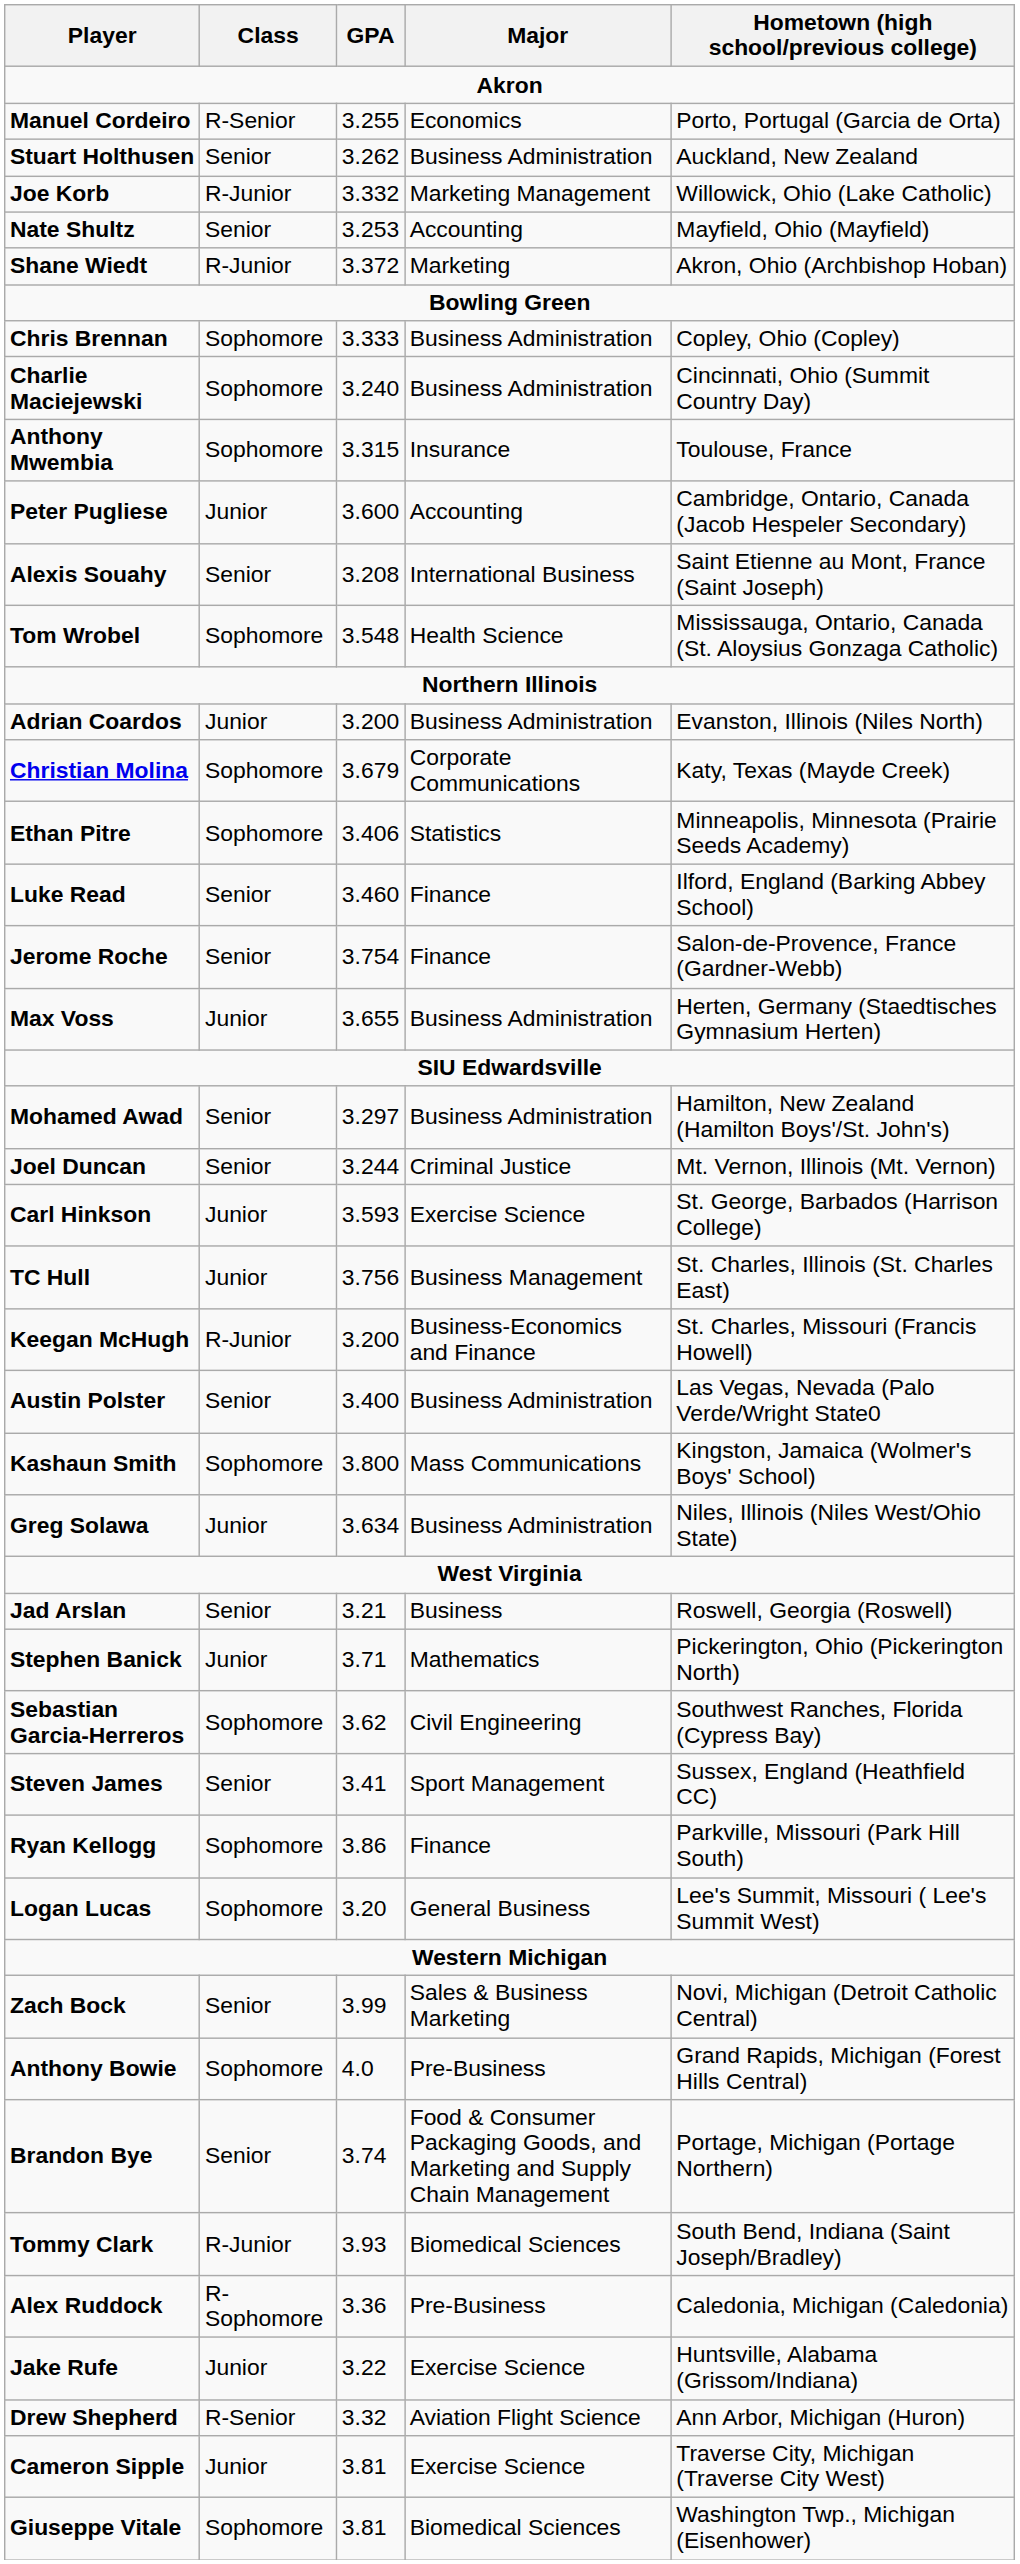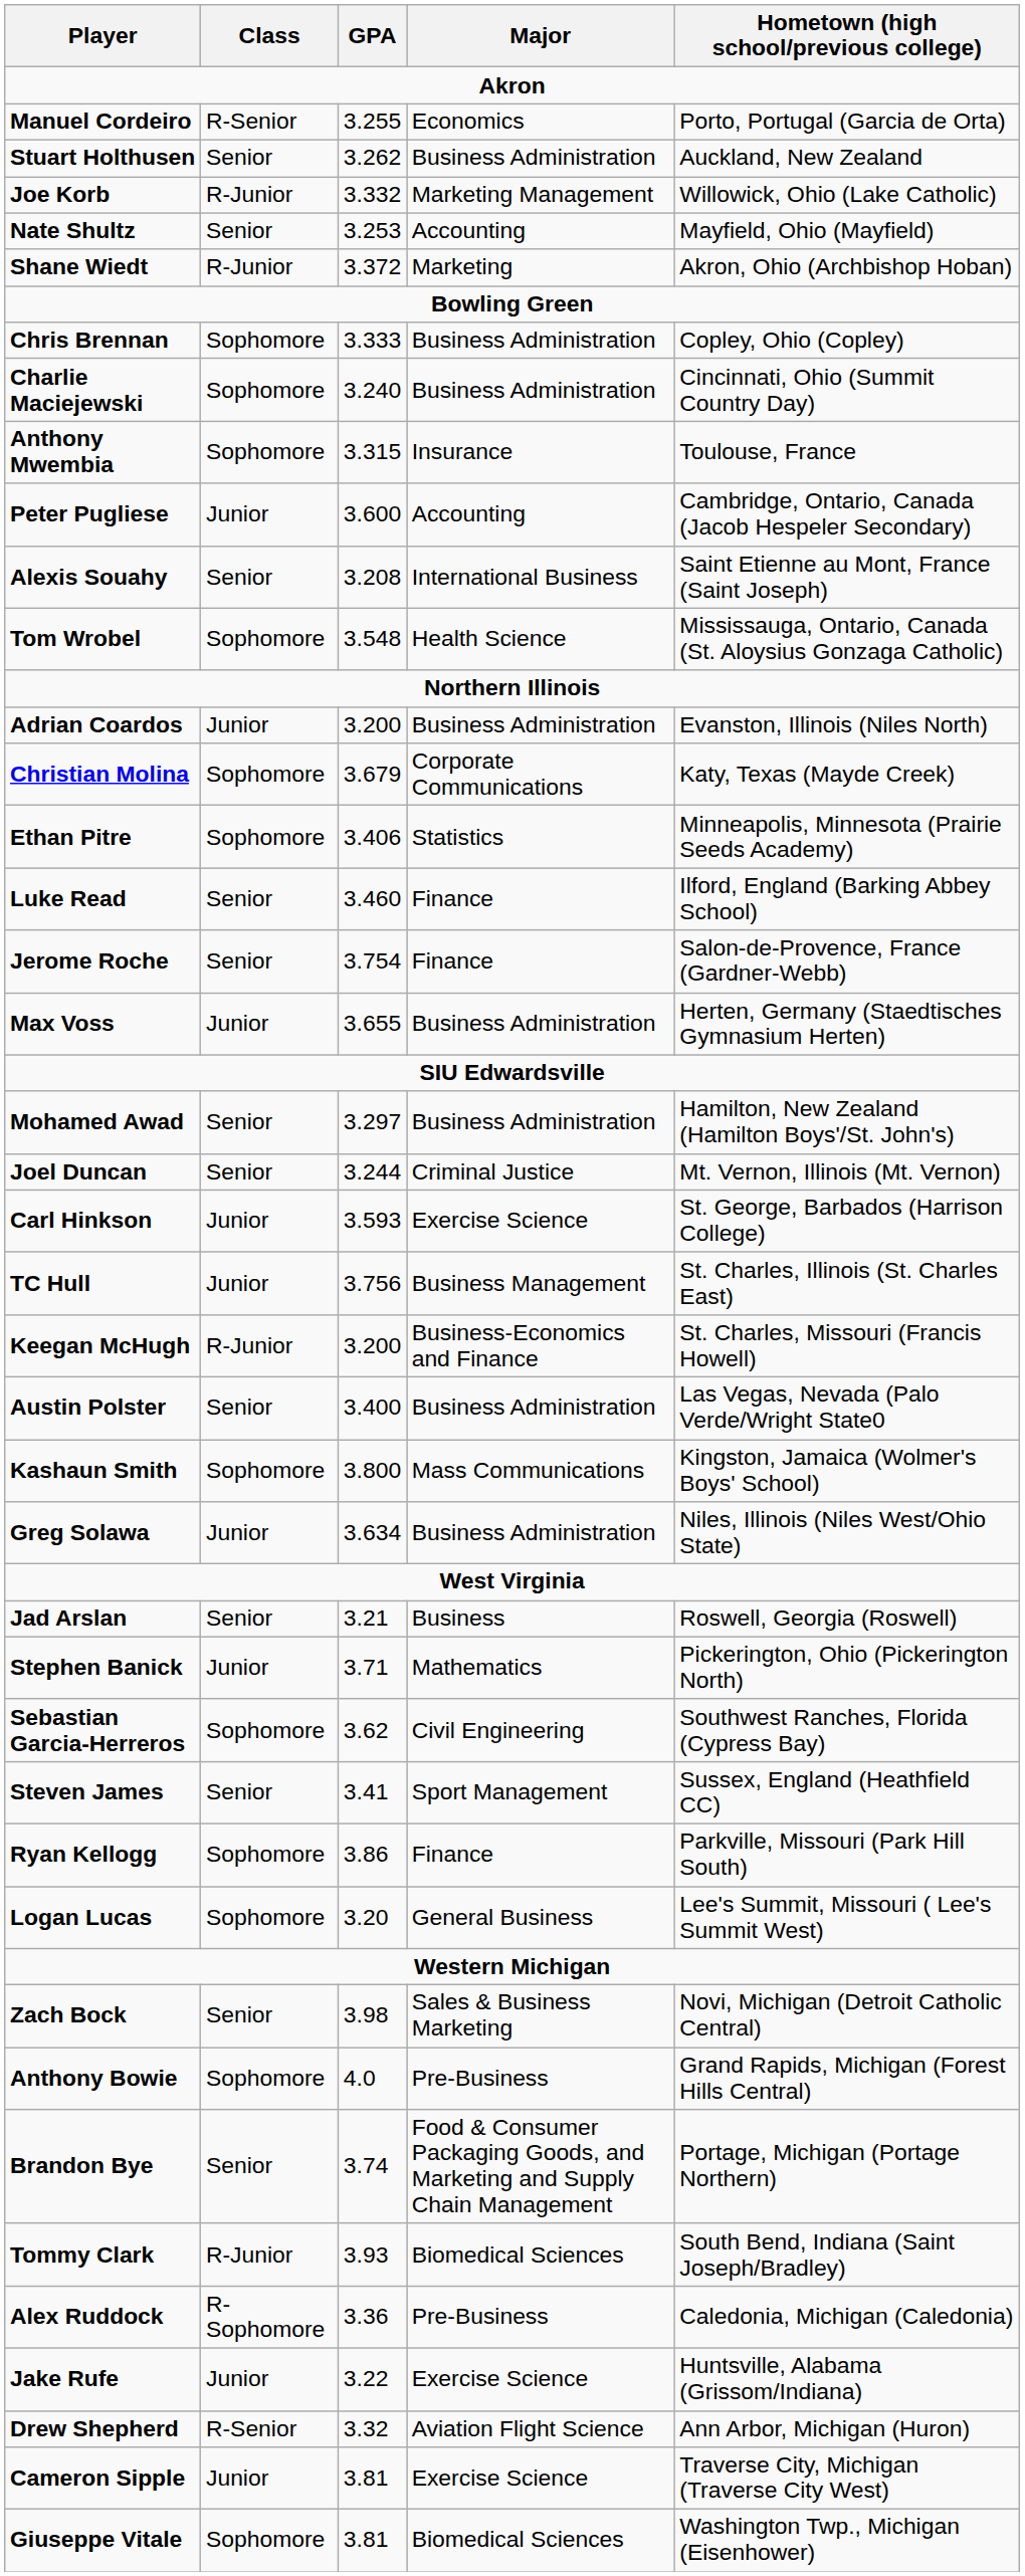 <table class="wikitable sortable" style="text-align: left; width:80%">
 <tr>
 <th>Player</th>
 <th>Class</th>
 <th>GPA</th>
 <th>Major</th>
 <th>Hometown (high school/previous college)</th>
 </tr>
 <tr>
 <td colspan="6" style="text-align:center; "><strong>Akron</strong></td>
 </tr>
 <tr>
 <td><strong>Manuel Cordeiro </strong></td>
 <td>R-Senior</td>
 <td>3.255</td>
 <td>Economics</td>
 <td>Porto, Portugal (Garcia de Orta)</td>
 </tr>
 <tr>
 <td><strong>Stuart Holthusen </strong></td>
 <td>Senior</td>
 <td>3.262</td>
 <td>Business Administration</td>
 <td>Auckland, New Zealand</td>
 </tr>
 <tr>
 <td><strong>Joe Korb</strong></td>
 <td>R-Junior</td>
 <td>3.332</td>
 <td>Marketing Management</td>
 <td>Willowick, Ohio (Lake Catholic)</td>
 </tr>
 <tr>
 <td><strong>Nate Shultz</strong></td>
 <td>Senior</td>
 <td>3.253</td>
 <td>Accounting</td>
 <td>Mayfield, Ohio (Mayfield)</td>
 </tr>
 <tr>
 <td><strong>Shane Wiedt</strong></td>
 <td>R-Junior</td>
 <td>3.372</td>
 <td>Marketing</td>
 <td>Akron, Ohio (Archbishop Hoban)</td>
 </tr>
 <tr>
 <td colspan="6" style="text-align:center; "><strong>Bowling Green</strong></td>
 </tr>
 <tr>
 <td><strong>Chris Brennan </strong></td>
 <td>Sophomore</td>
 <td>3.333</td>
 <td>Business Administration</td>
 <td>Copley, Ohio (Copley)</td>
 </tr>
 <tr>
 <td><strong>Charlie Maciejewski </strong></td>
 <td>Sophomore</td>
 <td>3.240</td>
 <td>Business Administration</td>
 <td>Cincinnati, Ohio (Summit Country Day)</td>
 </tr>
 <tr>
 <td><strong>Anthony Mwembia</strong></td>
 <td>Sophomore</td>
 <td>3.315</td>
 <td>Insurance</td>
 <td>Toulouse, France</td>
 </tr>
 <tr>
 <td><strong>Peter Pugliese </strong></td>
 <td>Junior</td>
 <td>3.600</td>
 <td>Accounting</td>
 <td>Cambridge, Ontario, Canada (Jacob Hespeler Secondary)</td>
 </tr>
 <tr>
 <td><strong>Alexis Souahy</strong></td>
 <td>Senior</td>
 <td>3.208</td>
 <td>International Business</td>
 <td>Saint Etienne au Mont, France (Saint Joseph)</td>
 </tr>
 <tr>
 <td><strong>Tom Wrobel</strong></td>
 <td>Sophomore</td>
 <td>3.548</td>
 <td>Health Science</td>
 <td>Mississauga, Ontario, Canada (St. Aloysius Gonzaga Catholic)</td>
 </tr>
 <tr>
 <td colspan="6" style="text-align:center; "><strong>Northern Illinois</strong></td>
 </tr>
 <tr>
 <td><strong>Adrian Coardos</strong></td>
 <td>Junior</td>
 <td>3.200</td>
 <td>Business Administration</td>
 <td>Evanston, Illinois (Niles North)</td>
 </tr>
 <tr>
 <td><strong><a href='#'>Christian Molina</a></strong></td>
 <td>Sophomore</td>
 <td>3.679</td>
 <td>Corporate Communications</td>
 <td>Katy, Texas (Mayde Creek)</td>
 </tr>
 <tr>
 <td><strong>Ethan Pitre</strong></td>
 <td>Sophomore</td>
 <td>3.406</td>
 <td>Statistics</td>
 <td>Minneapolis, Minnesota (Prairie Seeds Academy)</td>
 </tr>
 <tr>
 <td><strong>Luke Read </strong></td>
 <td>Senior</td>
 <td>3.460</td>
 <td>Finance</td>
 <td>Ilford, England (Barking Abbey School)</td>
 </tr>
 <tr>
 <td><strong>Jerome Roche </strong></td>
 <td>Senior</td>
 <td>3.754</td>
 <td>Finance</td>
 <td>Salon-de-Provence, France (Gardner-Webb)</td>
 </tr>
 <tr>
 <td><strong>Max Voss </strong></td>
 <td>Junior</td>
 <td>3.655</td>
 <td>Business Administration</td>
 <td>Herten, Germany (Staedtisches Gymnasium Herten)</td>
 </tr>
 <tr>
 <td colspan="6" style="text-align:center; "><strong>SIU Edwardsville</strong></td>
 </tr>
 <tr>
 <td><strong>Mohamed Awad</strong></td>
 <td>Senior</td>
 <td>3.297</td>
 <td>Business Administration</td>
 <td>Hamilton, New Zealand (Hamilton Boys'/St. John's)</td>
 </tr>
 <tr>
 <td><strong>Joel Duncan</strong></td>
 <td>Senior</td>
 <td>3.244</td>
 <td>Criminal Justice</td>
 <td>Mt. Vernon, Illinois (Mt. Vernon)</td>
 </tr>
 <tr>
 <td><strong>Carl Hinkson</strong></td>
 <td>Junior</td>
 <td>3.593</td>
 <td>Exercise Science</td>
 <td>St. George, Barbados (Harrison College)</td>
 </tr>
 <tr>
 <td><strong>TC Hull </strong></td>
 <td>Junior</td>
 <td>3.756</td>
 <td>Business Management</td>
 <td>St. Charles, Illinois (St. Charles East)</td>
 </tr>
 <tr>
 <td><strong>Keegan McHugh</strong></td>
 <td>R-Junior</td>
 <td>3.200</td>
 <td>Business-Economics and Finance</td>
 <td>St. Charles, Missouri (Francis Howell)</td>
 </tr>
 <tr>
 <td><strong>Austin Polster </strong></td>
 <td>Senior</td>
 <td>3.400</td>
 <td>Business Administration</td>
 <td>Las Vegas, Nevada (Palo Verde/Wright State0</td>
 </tr>
 <tr>
 <td><strong>Kashaun Smith </strong></td>
 <td>Sophomore</td>
 <td>3.800</td>
 <td>Mass Communications</td>
 <td>Kingston, Jamaica (Wolmer's Boys' School)</td>
 </tr>
 <tr>
 <td><strong>Greg Solawa </strong></td>
 <td>Junior</td>
 <td>3.634</td>
 <td>Business Administration</td>
 <td>Niles, Illinois (Niles West/Ohio State)</td>
 </tr>
 <tr>
 <td colspan="6" style="text-align:center; "><strong>West Virginia</strong></td>
 </tr>
 <tr>
 <td><strong>Jad Arslan </strong></td>
 <td>Senior</td>
 <td>3.21</td>
 <td>Business</td>
 <td>Roswell, Georgia (Roswell)</td>
 </tr>
 <tr>
 <td><strong>Stephen Banick</strong></td>
 <td>Junior</td>
 <td>3.71</td>
 <td>Mathematics</td>
 <td>Pickerington, Ohio (Pickerington North)</td>
 </tr>
 <tr>
 <td><strong>Sebastian Garcia-Herreros</strong></td>
 <td>Sophomore</td>
 <td>3.62</td>
 <td>Civil Engineering</td>
 <td>Southwest Ranches, Florida (Cypress Bay)</td>
 </tr>
 <tr>
 <td><strong>Steven James</strong></td>
 <td>Senior</td>
 <td>3.41</td>
 <td>Sport Management</td>
 <td>Sussex, England (Heathfield CC)</td>
 </tr>
 <tr>
 <td><strong>Ryan Kellogg</strong></td>
 <td>Sophomore</td>
 <td>3.86</td>
 <td>Finance</td>
 <td>Parkville, Missouri (Park Hill South)</td>
 </tr>
 <tr>
 <td><strong>Logan Lucas</strong></td>
 <td>Sophomore</td>
 <td>3.20</td>
 <td>General Business</td>
 <td>Lee's Summit, Missouri ( Lee's Summit West)</td>
 </tr>
 <tr>
 <td colspan="6" style="text-align:center; "><strong>Western Michigan</strong></td>
 </tr>
 <tr>
 <td><strong>Zach Bock</strong></td>
 <td>Senior</td>
-<td>3.99</td>
+<td>3.98</td>
 <td>Sales & Business Marketing</td>
 <td>Novi, Michigan (Detroit Catholic Central)</td>
 </tr>
 <tr>
 <td><strong>Anthony Bowie</strong></td>
 <td>Sophomore</td>
 <td>4.0</td>
 <td>Pre-Business</td>
 <td>Grand Rapids, Michigan (Forest Hills Central)</td>
 </tr>
 <tr>
 <td><strong>Brandon Bye </strong></td>
 <td>Senior</td>
 <td>3.74</td>
 <td>Food & Consumer Packaging Goods, and<br>Marketing and Supply Chain Management</td>
 <td>Portage, Michigan (Portage Northern)</td>
 </tr>
 <tr>
 <td><strong>Tommy Clark</strong></td>
 <td>R-Junior</td>
 <td>3.93</td>
 <td>Biomedical Sciences</td>
 <td>South Bend, Indiana (Saint Joseph/Bradley)</td>
 </tr>
 <tr>
 <td><strong>Alex Ruddock</strong></td>
 <td>R-Sophomore</td>
 <td>3.36</td>
 <td>Pre-Business</td>
 <td>Caledonia, Michigan (Caledonia)</td>
 </tr>
 <tr>
 <td><strong>Jake Rufe</strong></td>
 <td>Junior</td>
 <td>3.22</td>
 <td>Exercise Science</td>
 <td>Huntsville, Alabama (Grissom/Indiana)</td>
 </tr>
 <tr>
 <td><strong>Drew Shepherd</strong></td>
 <td>R-Senior</td>
 <td>3.32</td>
 <td>Aviation Flight Science</td>
 <td>Ann Arbor, Michigan (Huron)</td>
 </tr>
 <tr>
 <td><strong>Cameron Sipple</strong></td>
 <td>Junior</td>
 <td>3.81</td>
 <td>Exercise Science</td>
 <td>Traverse City, Michigan (Traverse City West)</td>
 </tr>
 <tr>
 <td><strong>Giuseppe Vitale</strong></td>
 <td>Sophomore</td>
 <td>3.81</td>
 <td>Biomedical Sciences</td>
 <td>Washington Twp., Michigan (Eisenhower)</td>
 </tr>
 </table>
